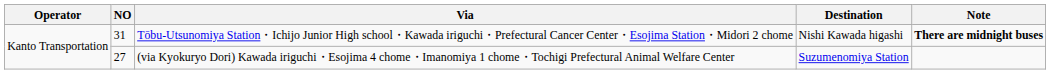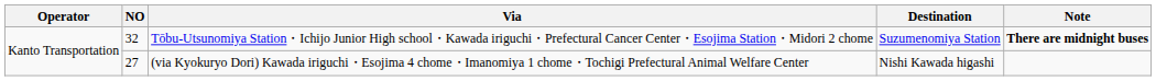 <table class="wikitable" style="font-size:small">
 <tr>
 <th>Operator</th>
 <th>NO</th>
 <th>Via</th>
 <th>Destination</th>
 <th>Note</th>
 </tr>
 <tr>
 <td rowspan="2">Kanto Transportation</td>
-<td>31</td>
+<td>32</td>
 <td><a href='#'>Tōbu-Utsunomiya Station</a>・Ichijo Junior High school・Kawada iriguchi・Prefectural Cancer Center・<a href='#'>Esojima Station</a>・Midori 2 chome</td>
-<td>Nishi Kawada higashi</td>
+<td><a href='#'>Suzumenomiya Station</a></td>
 <td><strong>There are midnight buses</strong></td>
 </tr>
 <tr>
 <td>27</td>
 <td>(via Kyokuryo Dori) Kawada iriguchi・Esojima 4 chome・Imanomiya 1 chome・Tochigi Prefectural Animal Welfare Center</td>
-<td><a href='#'>Suzumenomiya Station</a></td>
+<td>Nishi Kawada higashi</td>
 <td></td>
 </tr>
 </table>
